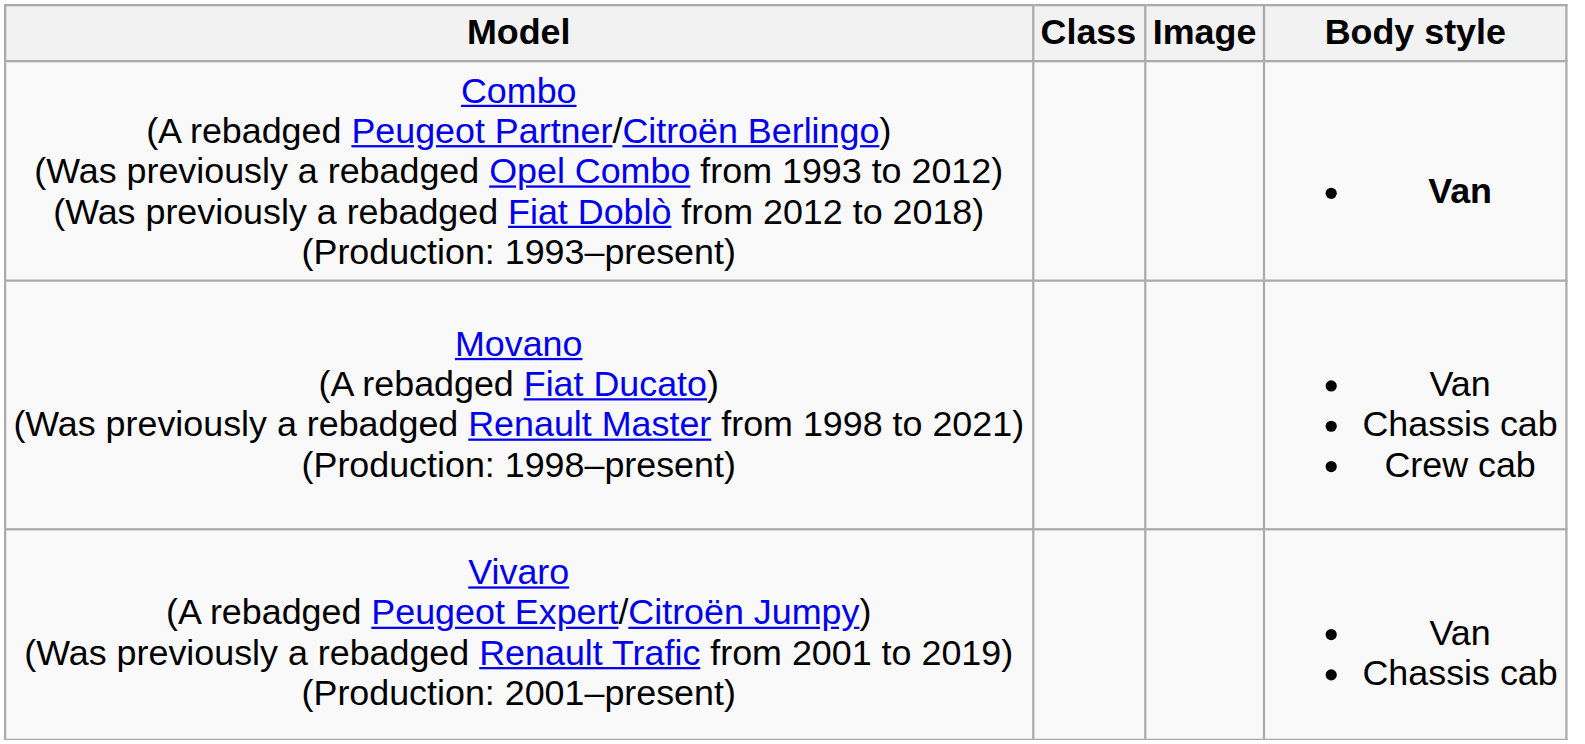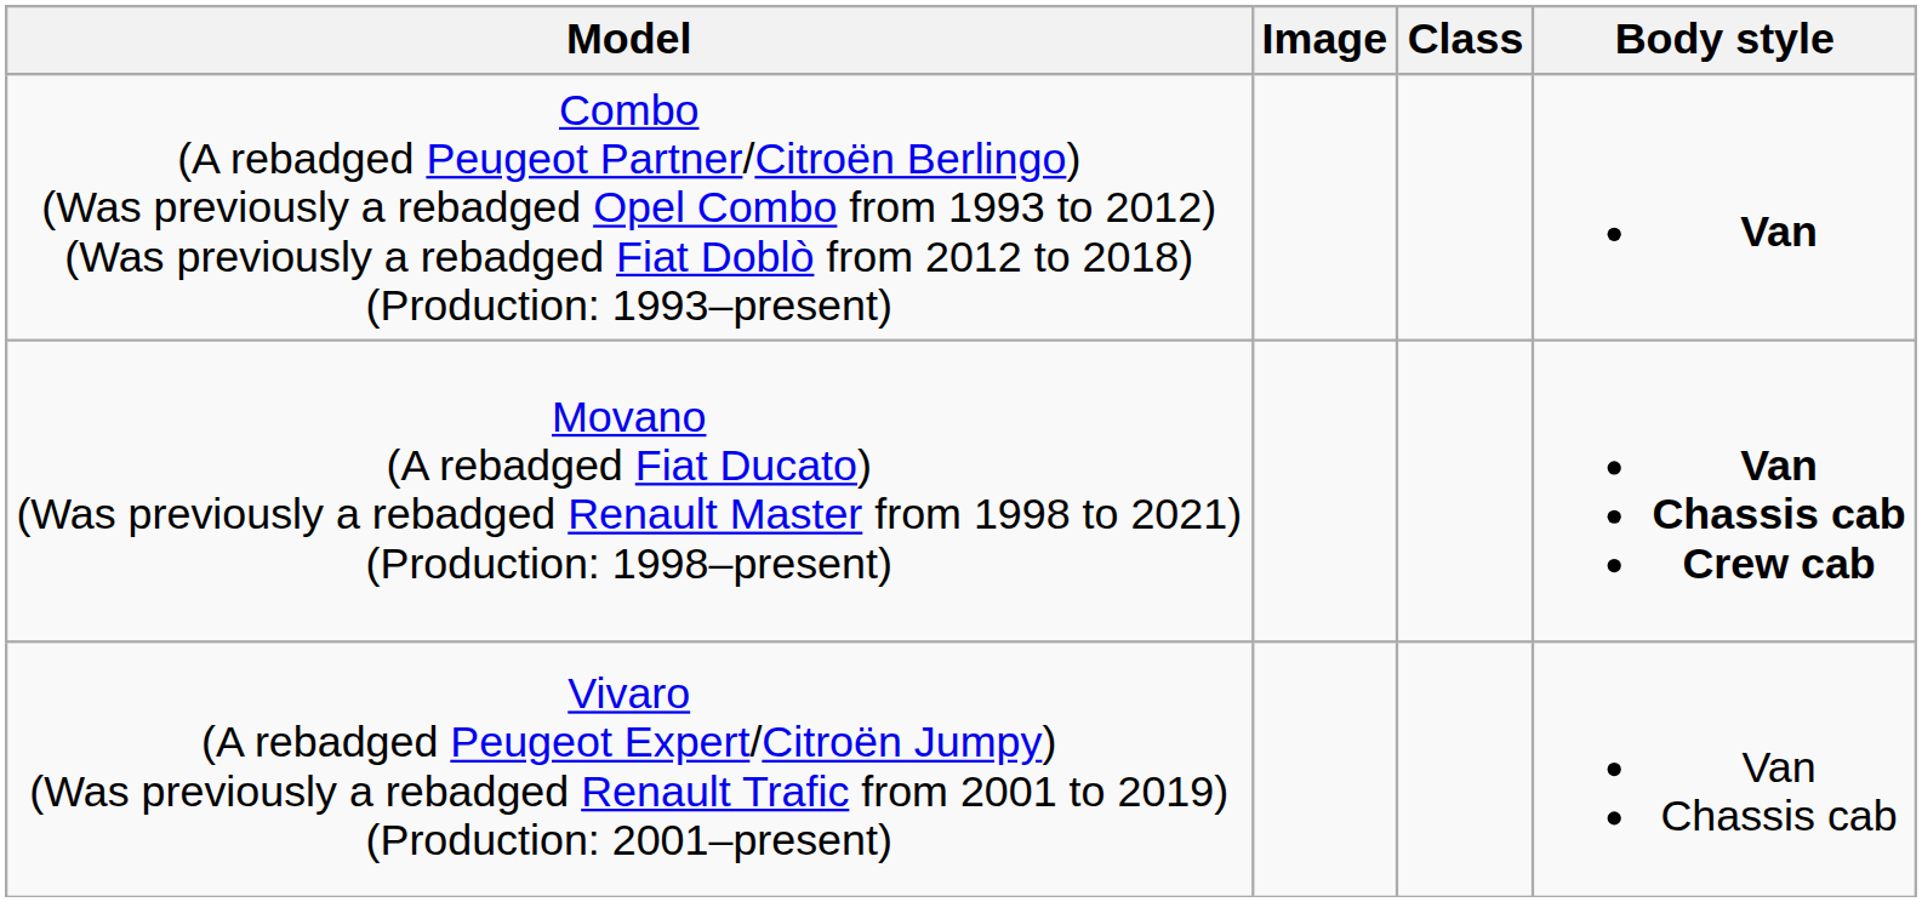 <table class="wikitable"  style="text-align:center; font-size:; width:;">
 <tr style="background:#dcdcdc; text-align:center; vertical-align:middle;">
 <th>Model</th>
+<th>Image</th>
 <th>Class</th>
-<th>Image</th>
 <th>Body style</th>
 </tr>
 <tr>
 <td><a href='#'>Combo</a><br>(A rebadged <a href='#'>Peugeot Partner</a>/<a href='#'>Citroën Berlingo</a>)<br>(Was previously a rebadged <a href='#'>Opel Combo</a> from 1993 to 2012)<br>(Was previously a rebadged <a href='#'>Fiat Doblò</a> from 2012 to 2018)<br>(Production: 1993–present)</td>
 <td></td>
 <td></td>
 <td><strong><br><ul><li>Van</li></ul></strong></td>
 </tr>
 <tr>
 <td><a href='#'>Movano</a><br>(A rebadged <a href='#'>Fiat Ducato</a>)<br>(Was previously a rebadged <a href='#'>Renault Master</a> from 1998 to 2021)<br>(Production: 1998–present)</td>
 <td></td>
 <td></td>
-<td><br><ul><li>Van</li><li>Chassis cab</li><li>Crew cab</li></ul></td>
+<td><strong><br><ul><li>Van</li><li>Chassis cab</li><li>Crew cab</li></ul></strong></td>
 </tr>
 <tr>
 <td><a href='#'>Vivaro</a><br>(A rebadged <a href='#'>Peugeot Expert</a>/<a href='#'>Citroën Jumpy</a>)<br>(Was previously a rebadged <a href='#'>Renault Trafic</a> from 2001 to 2019)<br>(Production: 2001–present)</td>
 <td></td>
 <td></td>
 <td><br><ul><li>Van</li><li>Chassis cab</li></ul></td>
 </tr>
 </table>
